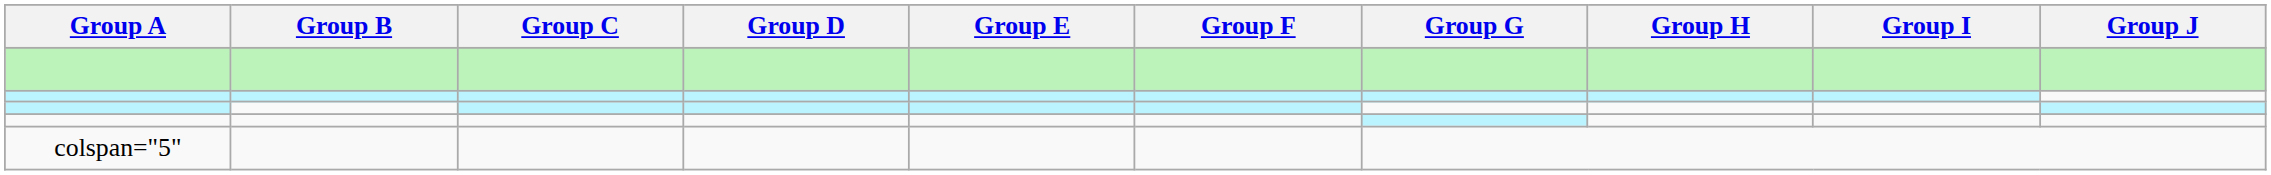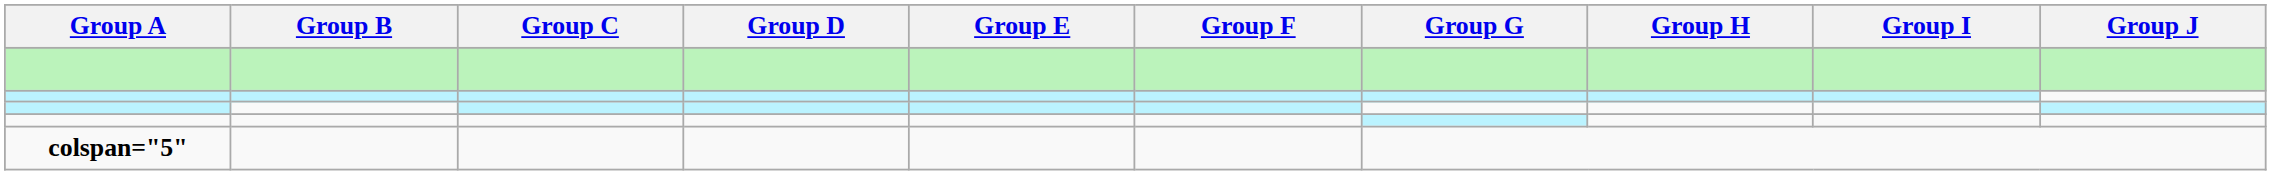 <table class="wikitable" style="text-align:center;width:100%;font-size:90%">
 <tr>
 <th style="width:10%"><a href='#'>Group A</a></th>
 <th style="width:10%"><a href='#'>Group B</a></th>
 <th style="width:10%"><a href='#'>Group C</a></th>
 <th style="width:10%"><a href='#'>Group D</a></th>
 <th style="width:10%"><a href='#'>Group E</a></th>
 <th style="width:10%"><a href='#'>Group F</a></th>
 <th style="width:10%"><a href='#'>Group G</a></th>
 <th style="width:10%"><a href='#'>Group H</a></th>
 <th style="width:10%"><a href='#'>Group I</a></th>
 <th style="width:10%"><a href='#'>Group J</a></th>
 </tr>
 <tr style="background:#BBF3BB">
 <td><br></td>
 <td><br></td>
 <td><br></td>
 <td><br></td>
 <td><br></td>
 <td><br></td>
 <td><br></td>
 <td><br></td>
 <td><br></td>
 <td><br></td>
 </tr>
 <tr>
 <td style="background:#BBF3FF"></td>
 <td style="background:#BBF3FF"></td>
 <td style="background:#BBF3FF"></td>
 <td style="background:#BBF3FF"></td>
 <td style="background:#BBF3FF"></td>
 <td style="background:#BBF3FF"></td>
 <td style="background:#BBF3FF"></td>
 <td style="background:#BBF3FF"></td>
 <td style="background:#BBF3FF"></td>
 <td></td>
 </tr>
 <tr>
 <td style="background:#BBF3FF"></td>
 <td></td>
 <td style="background:#BBF3FF"></td>
 <td style="background:#BBF3FF"></td>
 <td style="background:#BBF3FF"></td>
 <td style="background:#BBF3FF"></td>
 <td></td>
 <td></td>
 <td></td>
 <td style="background:#BBF3FF"></td>
 </tr>
 <tr>
 <td></td>
 <td></td>
 <td></td>
 <td></td>
 <td></td>
 <td></td>
 <td style="background:#BBF3FF"></td>
 <td></td>
 <td></td>
 <td></td>
 </tr>
 <tr>
-<td>colspan="5" </td>
+<td><strong>colspan="5" </strong></td>
 <td></td>
 <td></td>
 <td></td>
 <td></td>
 <td></td>
 </tr>
 </table>
